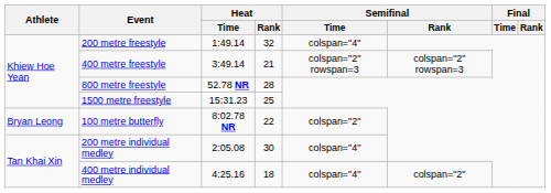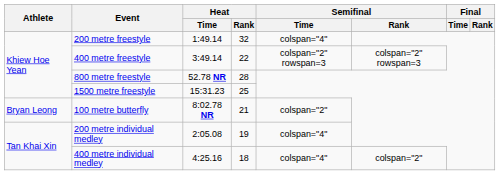 <table class="wikitable" style="text-align:center; font-size:90%; width:50%;">
 <tr>
 <th rowspan="2">Athlete</th>
 <th rowspan="2">Event</th>
 <th colspan="2">Heat</th>
 <th colspan="2">Semifinal</th>
 <th colspan="2">Final</th>
 </tr>
 <tr style="font-size:95%">
 <th>Time</th>
 <th>Rank</th>
 <th>Time</th>
 <th>Rank</th>
 <th>Time</th>
 <th>Rank</th>
 </tr>
 <tr align=center>
 <td align=left rowspan=4><a href='#'>Khiew Hoe Yean</a></td>
 <td align=left><a href='#'>200 metre freestyle</a></td>
 <td>1:49.14</td>
 <td>32</td>
 <td>colspan="4" </td>
 </tr>
 <tr align=center>
 <td align=left><a href='#'>400 metre freestyle</a></td>
 <td>3:49.14</td>
-<td>21</td>
+<td>22</td>
 <td>colspan="2" rowspan=3 </td>
 <td>colspan="2" rowspan=3 </td>
 </tr>
 <tr align=center>
 <td align=left><a href='#'>800 metre freestyle</a></td>
 <td>52.78 <strong><a href='#'>NR</a></strong></td>
 <td>28</td>
 </tr>
 <tr align=center>
 <td align=left><a href='#'>1500 metre freestyle</a></td>
 <td>15:31.23</td>
 <td>25</td>
 </tr>
 <tr align=center>
 <td align=left><a href='#'>Bryan Leong</a></td>
 <td align=left><a href='#'>100 metre butterfly</a></td>
 <td>8:02.78 <strong><a href='#'>NR</a></strong></td>
-<td>22</td>
+<td>21</td>
 <td>colspan="2" </td>
 </tr>
 <tr align=center>
 <td align=left rowspan=2><a href='#'>Tan Khai Xin</a></td>
 <td align=left><a href='#'>200 metre individual medley</a></td>
 <td>2:05.08</td>
-<td>30</td>
+<td>19</td>
 <td>colspan="4" </td>
 </tr>
 <tr align=center>
 <td align=left><a href='#'>400 metre individual medley</a></td>
 <td>4:25.16</td>
 <td>18</td>
 <td>colspan="4" </td>
 <td>colspan="2"  </td>
 </tr>
 </table>
